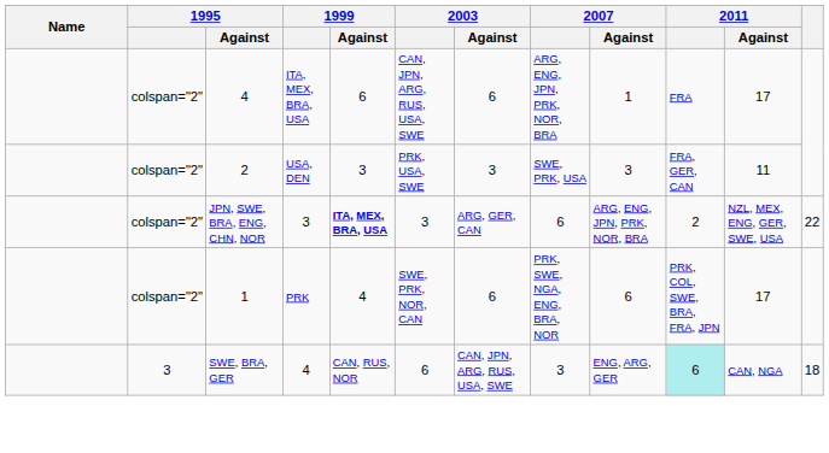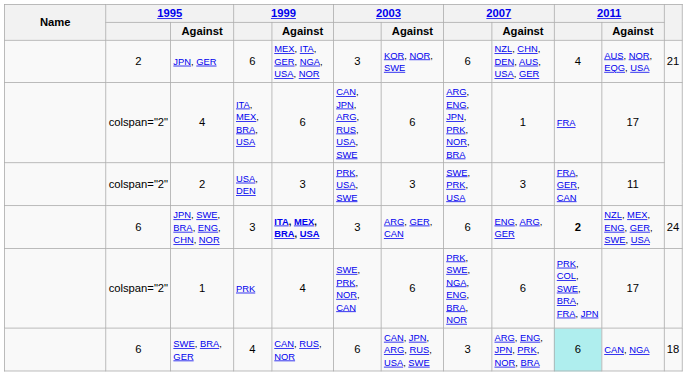 <table class="wikitable sortable" style="font-size: 90%;">
 <tr>
 <th rowspan="2" width="15%">Name<br></th>
 <th colspan="2"> <a href='#'>1995</a></th>
 <th colspan="2"> <a href='#'>1999</a></th>
 <th colspan="2"> <a href='#'>2003</a></th>
 <th colspan="2"> <a href='#'>2007</a></th>
 <th colspan="2"> <a href='#'>2011</a></th>
 <th rowspan="2"></th>
 </tr>
 <tr>
 <th></th>
 <th class="unsortable">Against</th>
 <th></th>
 <th class="unsortable">Against</th>
 <th></th>
 <th class="unsortable">Against</th>
 <th></th>
 <th class="unsortable">Against</th>
 <th></th>
 <th class="unsortable">Against</th>
+</tr>
+<tr>
+<td></td>
+<td align="center">2</td>
+<td><small><a href='#'>JPN</a>, <a href='#'>GER</a></small></td>
+<td align="center">6</td>
+<td><small><a href='#'>MEX</a>, <a href='#'>ITA</a>, <a href='#'>GER</a>, <a href='#'>NGA</a>, <a href='#'>USA</a>, <a href='#'>NOR</a></small></td>
+<td align="center">3</td>
+<td><small><a href='#'>KOR</a>, <a href='#'>NOR</a>, <a href='#'>SWE</a></small></td>
+<td align="center">6</td>
+<td><small><a href='#'>NZL</a>, <a href='#'>CHN</a>, <a href='#'>DEN</a>, <a href='#'>AUS</a>, <a href='#'>USA</a>, <a href='#'>GER</a></small></td>
+<td align="center">4</td>
+<td><small><a href='#'>AUS</a>, <a href='#'>NOR</a>, <a href='#'>EQG</a>, <a href='#'>USA</a></small></td>
+<td align="center">21</td>
 </tr>
 <tr>
 <td></td>
 <td>colspan="2" </td>
 <td align="center">4</td>
 <td><small><a href='#'>ITA</a>, <a href='#'>MEX</a>, <a href='#'>BRA</a>, <a href='#'>USA</a></small></td>
 <td align="center">6</td>
 <td><small><a href='#'>CAN</a>, <a href='#'>JPN</a>, <a href='#'>ARG</a>, <a href='#'>RUS</a>, <a href='#'>USA</a>, <a href='#'>SWE</a></small></td>
 <td align="center">6</td>
 <td><small><a href='#'>ARG</a>, <a href='#'>ENG</a>, <a href='#'>JPN</a>, <a href='#'>PRK</a>, <a href='#'>NOR</a>, <a href='#'>BRA</a></small></td>
 <td align="center">1</td>
 <td><small><a href='#'>FRA</a></small></td>
 <td align="center">17</td>
 </tr>
 <tr>
 <td></td>
 <td>colspan="2" </td>
 <td align="center">2</td>
 <td><small><a href='#'>USA</a>, <a href='#'>DEN</a></small></td>
 <td align="center">3</td>
 <td><small><a href='#'>PRK</a>, <a href='#'>USA</a>, <a href='#'>SWE</a></small></td>
 <td align="center">3</td>
 <td><small><a href='#'>SWE</a>, <a href='#'>PRK</a>, <a href='#'>USA</a></small></td>
 <td align="center">3</td>
 <td><small><a href='#'>FRA</a>, <a href='#'>GER</a>, <a href='#'>CAN</a></small></td>
 <td align="center">11</td>
 </tr>
 <tr>
 <td></td>
-<td>colspan="2" </td>
+<td align="center">6</td>
 <td><small><a href='#'>JPN</a>, <a href='#'>SWE</a>, <a href='#'>BRA</a>, <a href='#'>ENG</a>, <a href='#'>CHN</a>, <a href='#'>NOR</a></small></td>
 <td align="center">3</td>
 <td><strong><small><a href='#'>ITA</a>, <a href='#'>MEX</a>, <a href='#'>BRA</a>, <a href='#'>USA</a></small></strong></td>
 <td align="center">3</td>
 <td><small><a href='#'>ARG</a>, <a href='#'>GER</a>, <a href='#'>CAN</a></small></td>
 <td align="center">6</td>
-<td><small><a href='#'>ARG</a>, <a href='#'>ENG</a>, <a href='#'>JPN</a>, <a href='#'>PRK</a>, <a href='#'>NOR</a>, <a href='#'>BRA</a></small></td>
-<td align="center">2</td>
+<td><small><a href='#'>ENG</a>, <a href='#'>ARG</a>, <a href='#'>GER</a></small></td>
+<td align="center"><strong>2</strong></td>
 <td><small><a href='#'>NZL</a>, <a href='#'>MEX</a>, <a href='#'>ENG</a>, <a href='#'>GER</a>, <a href='#'>SWE</a>, <a href='#'>USA</a></small></td>
-<td align="center">22</td>
+<td align="center">24</td>
 </tr>
 <tr>
 <td></td>
 <td>colspan="2" </td>
 <td align="center">1</td>
 <td><small><a href='#'>PRK</a></small></td>
 <td align="center">4</td>
 <td><small><a href='#'>SWE</a>, <a href='#'>PRK</a>, <a href='#'>NOR</a>, <a href='#'>CAN</a></small></td>
 <td align="center">6</td>
 <td><small><a href='#'>PRK</a>, <a href='#'>SWE</a>, <a href='#'>NGA</a>, <a href='#'>ENG</a>, <a href='#'>BRA</a>, <a href='#'>NOR</a></small></td>
 <td align="center">6</td>
 <td><small><a href='#'>PRK</a>, <a href='#'>COL</a>, <a href='#'>SWE</a>, <a href='#'>BRA</a>, <a href='#'>FRA</a>, <a href='#'>JPN</a></small></td>
 <td align="center">17</td>
 </tr>
 <tr>
 <td></td>
-<td align="center">3</td>
+<td align="center">6</td>
 <td><small><a href='#'>SWE</a>, <a href='#'>BRA</a>, <a href='#'>GER</a></small></td>
 <td align="center">4</td>
 <td><small><a href='#'>CAN</a>, <a href='#'>RUS</a>, <a href='#'>NOR</a></small></td>
 <td align="center">6</td>
 <td><small><a href='#'>CAN</a>, <a href='#'>JPN</a>, <a href='#'>ARG</a>, <a href='#'>RUS</a>, <a href='#'>USA</a>, <a href='#'>SWE</a></small></td>
 <td align="center">3</td>
-<td><small><a href='#'>ENG</a>, <a href='#'>ARG</a>, <a href='#'>GER</a></small></td>
+<td><small><a href='#'>ARG</a>, <a href='#'>ENG</a>, <a href='#'>JPN</a>, <a href='#'>PRK</a>, <a href='#'>NOR</a>, <a href='#'>BRA</a></small></td>
 <td align="center" style="background: paleturquoise;">6</td>
 <td><small><a href='#'>CAN</a>, <a href='#'>NGA</a></small></td>
 <td align="center">18</td>
 </tr>
 </table>
